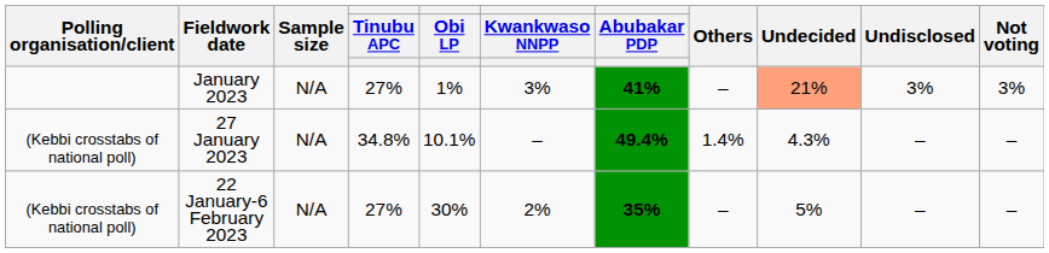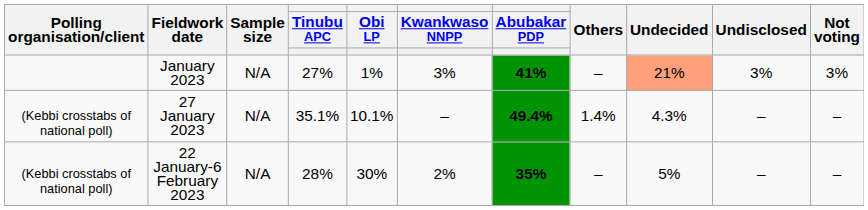 <table class="wikitable" style="text-align:center;font-size:95%;line-height:14px;">
 <tr>
 <th rowspan="3">Polling organisation/client</th>
 <th rowspan="3">Fieldwork<br>date</th>
 <th rowspan="3">Sample<br>size</th>
 <th></th>
 <th></th>
 <th></th>
 <th></th>
 <th rowspan="3">Others</th>
 <th rowspan="3">Undecided</th>
 <th rowspan="3">Undisclosed</th>
 <th rowspan="3">Not voting</th>
 </tr>
 <tr>
 <th><a href='#'>Tinubu</a><br><small><a href='#'>APC</a></small></th>
 <th><a href='#'>Obi</a><br><small><a href='#'>LP</a></small></th>
 <th><a href='#'>Kwankwaso</a><br><small><a href='#'>NNPP</a></small></th>
 <th><a href='#'>Abubakar</a><br><small><a href='#'>PDP</a></small></th>
 </tr>
 <tr>
 <th style="background:"></th>
 <th style="background:"></th>
 <th style="background:"></th>
 <th style="background:"></th>
 </tr>
 <tr>
 <td></td>
 <td>January 2023</td>
 <td>N/A</td>
 <td>27%</td>
 <td>1%</td>
 <td>3%</td>
 <td bgcolor=#009404><strong>41%</strong></td>
 <td>–</td>
 <td style="background: lightsalmon;">21%</td>
 <td>3%</td>
 <td>3%</td>
 </tr>
 <tr>
 <td><br><small>(Kebbi crosstabs of national poll)</small></td>
 <td>27 January 2023</td>
 <td>N/A</td>
-<td>34.8%</td>
+<td>35.1%</td>
 <td>10.1%</td>
 <td>–</td>
 <td bgcolor=#009404><strong>49.4%</strong></td>
 <td>1.4%</td>
 <td>4.3%</td>
 <td>–</td>
 <td>–</td>
 </tr>
 <tr>
 <td><br><small>(Kebbi crosstabs of national poll)</small></td>
 <td>22 January-6 February 2023</td>
 <td>N/A</td>
-<td>27%</td>
+<td>28%</td>
 <td>30%</td>
 <td>2%</td>
 <td bgcolor=#009404><strong>35%</strong></td>
 <td>–</td>
 <td>5%</td>
 <td>–</td>
 <td>–</td>
 </tr>
 <tr>
 </tr>
 </table>
